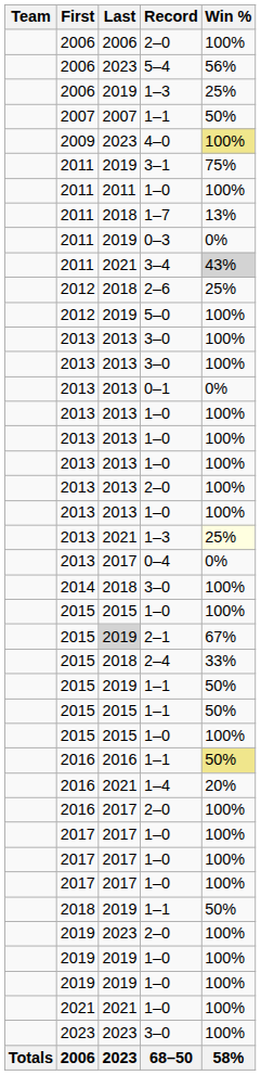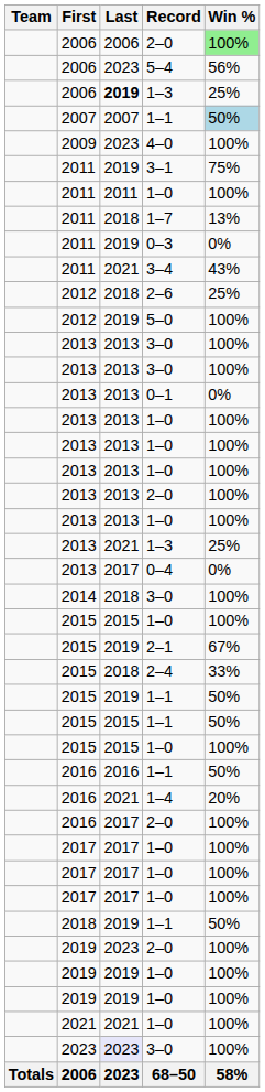 <table class="wikitable sortable">
 <tr>
 <th>Team</th>
 <th>First</th>
 <th>Last</th>
 <th data-sort-type="number">Record</th>
 <th data-sort-type="number">Win %</th>
 </tr>
 <tr>
 <td></td>
 <td>2006</td>
 <td>2006</td>
 <td>2–0</td>
-<td>100%</td>
+<td style="background: lightgreen;">100%</td>
 </tr>
 <tr>
 <td></td>
 <td>2006</td>
 <td>2023</td>
 <td>5–4</td>
 <td>56%</td>
 </tr>
 <tr>
 <td></td>
 <td>2006</td>
-<td>2019</td>
+<td><strong>2019</strong></td>
 <td>1–3</td>
 <td>25%</td>
 </tr>
 <tr>
 <td></td>
 <td>2007</td>
 <td>2007</td>
 <td>1–1</td>
-<td>50%</td>
+<td style="background: lightblue;">50%</td>
 </tr>
 <tr>
 <td></td>
 <td>2009</td>
 <td>2023</td>
 <td>4–0</td>
-<td style="background: khaki;">100%</td>
+<td>100%</td>
 </tr>
 <tr>
 <td></td>
 <td>2011</td>
 <td>2019</td>
 <td>3–1</td>
 <td>75%</td>
 </tr>
 <tr>
 <td></td>
 <td>2011</td>
 <td>2011</td>
 <td>1–0</td>
 <td>100%</td>
 </tr>
 <tr>
 <td></td>
 <td>2011</td>
 <td>2018</td>
 <td>1–7</td>
 <td>13%</td>
 </tr>
 <tr>
 <td></td>
 <td>2011</td>
 <td>2019</td>
 <td>0–3</td>
 <td>0%</td>
 </tr>
 <tr>
 <td></td>
 <td>2011</td>
 <td>2021</td>
 <td>3–4</td>
-<td style="background: lightgrey;">43%</td>
+<td>43%</td>
 </tr>
 <tr>
 <td></td>
 <td>2012</td>
 <td>2018</td>
 <td>2–6</td>
 <td>25%</td>
 </tr>
 <tr>
 <td></td>
 <td>2012</td>
 <td>2019</td>
 <td>5–0</td>
 <td>100%</td>
 </tr>
 <tr>
 <td></td>
 <td>2013</td>
 <td>2013</td>
 <td>3–0</td>
 <td>100%</td>
 </tr>
 <tr>
 <td></td>
 <td>2013</td>
 <td>2013</td>
 <td>3–0</td>
 <td>100%</td>
 </tr>
 <tr>
 <td></td>
 <td>2013</td>
 <td>2013</td>
 <td>0–1</td>
 <td>0%</td>
 </tr>
 <tr>
 <td></td>
 <td>2013</td>
 <td>2013</td>
 <td>1–0</td>
 <td>100%</td>
 </tr>
 <tr>
 <td></td>
 <td>2013</td>
 <td>2013</td>
 <td>1–0</td>
 <td>100%</td>
 </tr>
 <tr>
 <td></td>
 <td>2013</td>
 <td>2013</td>
 <td>1–0</td>
 <td>100%</td>
 </tr>
 <tr>
 <td></td>
 <td>2013</td>
 <td>2013</td>
 <td>2–0</td>
 <td>100%</td>
 </tr>
 <tr>
 <td></td>
 <td>2013</td>
 <td>2013</td>
 <td>1–0</td>
 <td>100%</td>
 </tr>
 <tr>
 <td></td>
 <td>2013</td>
 <td>2021</td>
 <td>1–3</td>
-<td style="background: lightyellow;">25%</td>
+<td>25%</td>
 </tr>
 <tr>
 <td></td>
 <td>2013</td>
 <td>2017</td>
 <td>0–4</td>
 <td>0%</td>
 </tr>
 <tr>
 <td></td>
 <td>2014</td>
 <td>2018</td>
 <td>3–0</td>
 <td>100%</td>
 </tr>
 <tr>
 <td></td>
 <td>2015</td>
 <td>2015</td>
 <td>1–0</td>
 <td>100%</td>
 </tr>
 <tr>
 <td></td>
 <td>2015</td>
-<td style="background: lightgrey;">2019</td>
+<td>2019</td>
 <td>2–1</td>
 <td>67%</td>
 </tr>
 <tr>
 <td></td>
 <td>2015</td>
 <td>2018</td>
 <td>2–4</td>
 <td>33%</td>
 </tr>
 <tr>
 <td></td>
 <td>2015</td>
 <td>2019</td>
 <td>1–1</td>
 <td>50%</td>
 </tr>
 <tr>
 <td></td>
 <td>2015</td>
 <td>2015</td>
 <td>1–1</td>
 <td>50%</td>
 </tr>
 <tr>
 <td></td>
 <td>2015</td>
 <td>2015</td>
 <td>1–0</td>
 <td>100%</td>
 </tr>
 <tr>
 <td></td>
 <td>2016</td>
 <td>2016</td>
 <td>1–1</td>
-<td style="background: khaki;">50%</td>
+<td>50%</td>
 </tr>
 <tr>
 <td></td>
 <td>2016</td>
 <td>2021</td>
 <td>1–4</td>
 <td>20%</td>
 </tr>
 <tr>
 <td></td>
 <td>2016</td>
 <td>2017</td>
 <td>2–0</td>
 <td>100%</td>
 </tr>
 <tr>
 <td></td>
 <td>2017</td>
 <td>2017</td>
 <td>1–0</td>
 <td>100%</td>
 </tr>
 <tr>
 <td></td>
 <td>2017</td>
 <td>2017</td>
 <td>1–0</td>
 <td>100%</td>
 </tr>
 <tr>
 <td></td>
 <td>2017</td>
 <td>2017</td>
 <td>1–0</td>
 <td>100%</td>
 </tr>
 <tr>
 <td></td>
 <td>2018</td>
 <td>2019</td>
 <td>1–1</td>
 <td>50%</td>
 </tr>
 <tr>
 <td></td>
 <td>2019</td>
 <td>2023</td>
 <td>2–0</td>
 <td>100%</td>
 </tr>
 <tr>
 <td></td>
 <td>2019</td>
 <td>2019</td>
 <td>1–0</td>
 <td>100%</td>
 </tr>
 <tr>
 <td></td>
 <td>2019</td>
 <td>2019</td>
 <td>1–0</td>
 <td>100%</td>
 </tr>
 <tr>
 <td></td>
 <td>2021</td>
 <td>2021</td>
 <td>1–0</td>
 <td>100%</td>
 </tr>
 <tr>
 <td></td>
 <td>2023</td>
-<td>2023</td>
+<td style="background: lavender;">2023</td>
 <td>3–0</td>
 <td>100%</td>
 </tr>
 <tr>
 <th><strong>Totals</strong></th>
 <th><strong>2006</strong></th>
 <th><strong>2023</strong></th>
 <th><strong>68–50</strong></th>
 <th><strong>58%</strong></th>
 </tr>
 </table>
